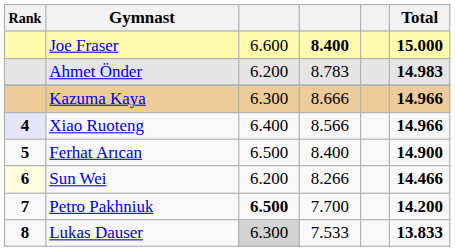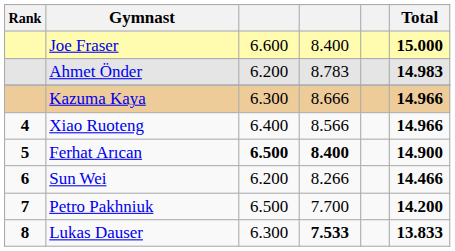 <table style="text-align:center;" class="wikitable sortable">
 <tr>
 <th scope="col" style="width:15px;"><small>Rank</small></th>
 <th scope="col" style="width:175px;">Gymnast</th>
 <th scope="col" style="width:50px;"><small></small></th>
 <th scope="col" style="width:50px;"><small></small></th>
 <th scope="col" style="width:20px;"><small></small></th>
 <th scope="col" style="width:50px;">Total</th>
 </tr>
 <tr style="background:#fffcaf;">
 <td scope="row" style="text-align:center"><strong></strong></td>
 <td style="text-align:left;"> <a href='#'>Joe Fraser</a></td>
 <td>6.600</td>
-<td><strong>8.400</strong></td>
+<td>8.400</td>
 <td></td>
 <td><strong>15.000</strong></td>
 </tr>
 <tr style="background:#e5e5e5;">
 <td scope="row" style="text-align:center"><strong></strong></td>
 <td style="text-align:left;"> <a href='#'>Ahmet Önder</a></td>
 <td>6.200</td>
 <td>8.783</td>
 <td></td>
 <td><strong>14.983</strong></td>
 </tr>
 <tr>
 </tr>
 <tr style="background:#ec9;">
 <td scope="row" style="text-align:center"><strong></strong></td>
 <td style="text-align:left;"> <a href='#'>Kazuma Kaya</a></td>
 <td>6.300</td>
 <td>8.666</td>
 <td></td>
 <td><strong>14.966</strong></td>
 </tr>
 <tr>
-<td scope="row" style="background: lavender; text-align:center"><strong>4</strong></td>
+<td scope="row" style="text-align:center"><strong>4</strong></td>
 <td style="text-align:left;"> <a href='#'>Xiao Ruoteng</a></td>
 <td>6.400</td>
 <td>8.566</td>
 <td></td>
 <td><strong>14.966</strong></td>
 </tr>
 <tr>
 <td scope="row" style="text-align:center"><strong>5</strong></td>
 <td style="text-align:left;"> <a href='#'>Ferhat Arıcan</a></td>
-<td>6.500</td>
-<td>8.400</td>
+<td><strong>6.500</strong></td>
+<td><strong>8.400</strong></td>
 <td></td>
 <td><strong>14.900</strong></td>
 </tr>
 <tr>
-<td scope="row" style="background: lightyellow; text-align:center"><strong>6</strong></td>
+<td scope="row" style="text-align:center"><strong>6</strong></td>
 <td style="text-align:left;"> <a href='#'>Sun Wei</a></td>
 <td>6.200</td>
 <td>8.266</td>
 <td></td>
 <td><strong>14.466</strong></td>
 </tr>
 <tr>
 <td scope="row" style="text-align:center"><strong>7</strong></td>
 <td style="text-align:left;"> <a href='#'>Petro Pakhniuk</a></td>
-<td><strong>6.500</strong></td>
+<td>6.500</td>
 <td>7.700</td>
 <td></td>
 <td><strong>14.200</strong></td>
 </tr>
 <tr>
 <td scope="row" style="text-align:center"><strong>8</strong></td>
 <td style="text-align:left;"> <a href='#'>Lukas Dauser</a></td>
-<td style="background: lightgrey;">6.300</td>
-<td>7.533</td>
+<td>6.300</td>
+<td><strong>7.533</strong></td>
 <td></td>
 <td><strong>13.833</strong></td>
 </tr>
 </table>
